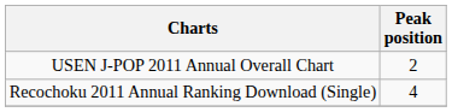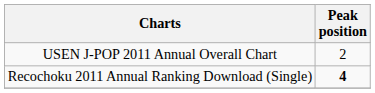 <table class="wikitable sortable plainrowheaders" style="text-align:center">
 <tr>
 <th scope="col">Charts</th>
 <th scope="col">Peak<br>position</th>
 </tr>
 <tr>
 <td>USEN J-POP 2011 Annual Overall Chart</td>
 <td>2</td>
 </tr>
 <tr>
 <td>Recochoku 2011 Annual Ranking Download (Single)</td>
-<td>4</td>
+<td><strong>4</strong></td>
 </tr>
 <tr>
 </tr>
 </table>
